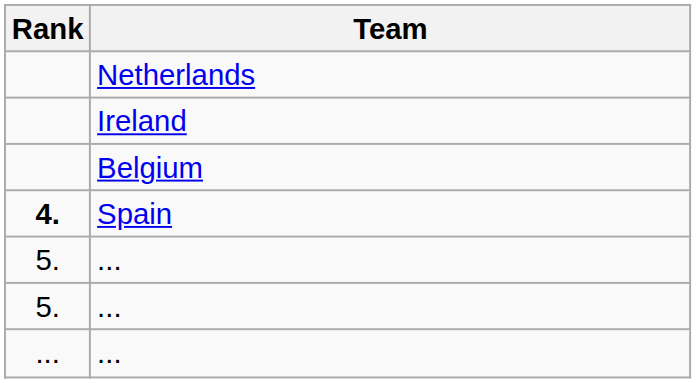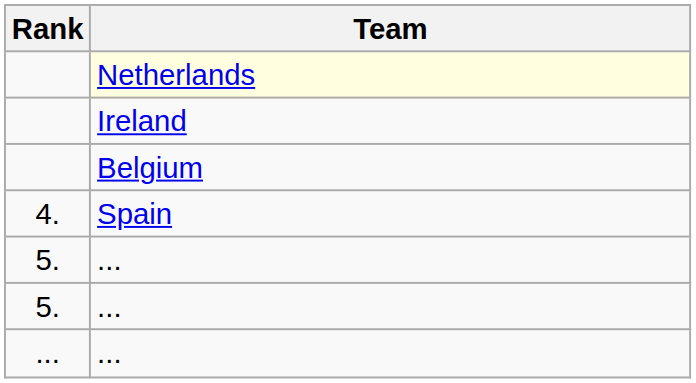 <table class="wikitable" style="font-size:95%;">
 <tr>
 <th>Rank</th>
 <th align="left" style="width: 20em">Team</th>
 </tr>
 <tr>
 <td align="center"></td>
-<td> <a href='#'>Netherlands</a></td>
+<td style="background: lightyellow;"> <a href='#'>Netherlands</a></td>
 </tr>
 <tr>
 <td align="center"></td>
 <td> <a href='#'>Ireland</a></td>
 </tr>
 <tr>
 <td align="center"></td>
 <td> <a href='#'>Belgium</a></td>
 </tr>
 <tr>
-<td align="center"><strong>4.</strong></td>
+<td align="center">4.</td>
 <td> <a href='#'>Spain</a></td>
 </tr>
 <tr>
 <td align="center">5.</td>
 <td>...</td>
 </tr>
 <tr>
 <td align="center">5.</td>
 <td>...</td>
 </tr>
 <tr>
 <td align="center">...</td>
 <td>...</td>
 </tr>
 </table>
